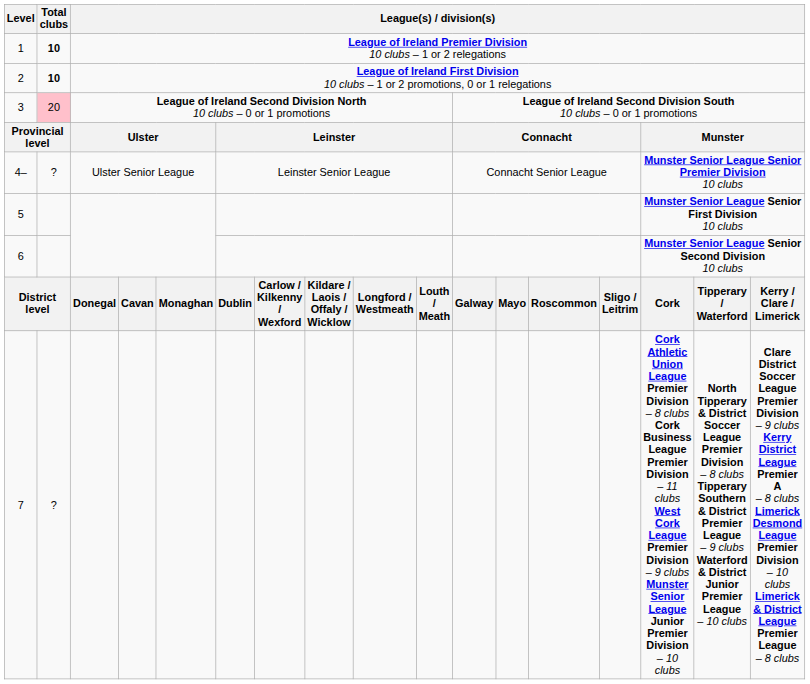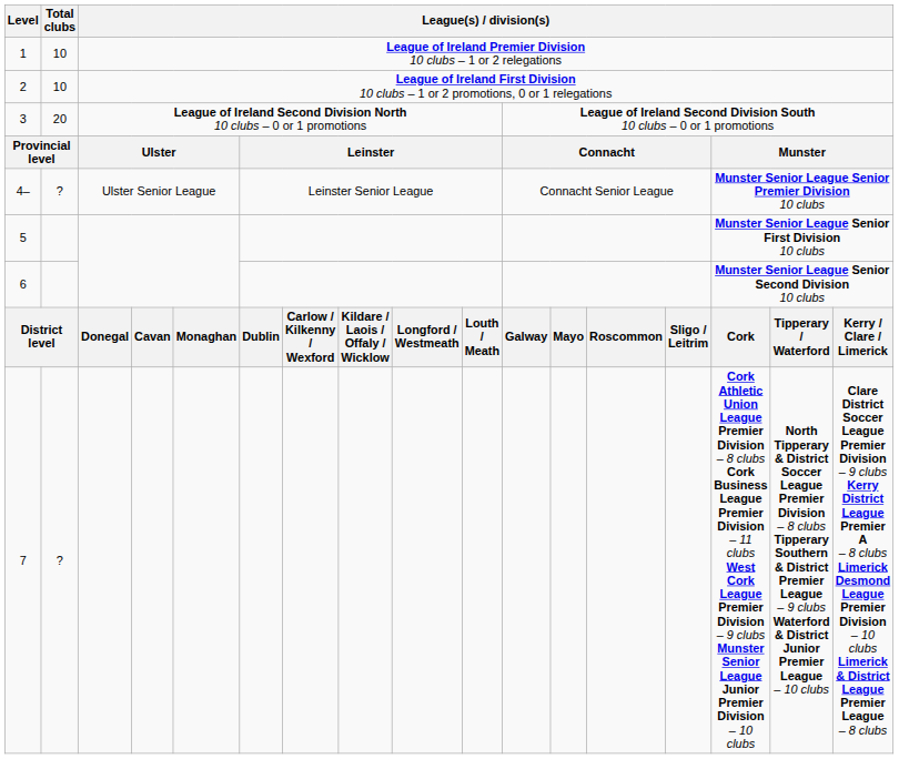 <table class="wikitable" style="text-align: center;">
 <tr>
 <th>Level</th>
 <th>Total clubs</th>
 <th colspan="15">League(s) / division(s)</th>
 </tr>
 <tr>
 <td>1</td>
-<td><strong>10</strong></td>
+<td>10</td>
 <td colspan="15"><strong><a href='#'>League of Ireland Premier Division</a></strong><br> <em>10 clubs</em> – 1 or 2 relegations</td>
 </tr>
 <tr>
 <td>2</td>
-<td><strong>10</strong></td>
+<td>10</td>
 <td colspan="15"><strong><a href='#'>League of Ireland First Division</a></strong><br> <em>10 clubs</em> – 1 or 2 promotions, 0 or 1 relegations</td>
 </tr>
 <tr>
 <td>3</td>
-<td style="background: pink;">20</td>
+<td>20</td>
 <td colspan="8"><strong>League of Ireland Second Division North</strong><br> <em>10 clubs</em> – 0 or 1 promotions</td>
 <td colspan="7"><strong>League of Ireland Second Division South</strong><br> <em>10 clubs</em> – 0 or 1 promotions</td>
 </tr>
 <tr>
 <th colspan="2">Provincial level</th>
 <th colspan="3">Ulster</th>
 <th colspan="5">Leinster</th>
 <th colspan="4">Connacht</th>
 <th colspan="3">Munster</th>
 </tr>
 <tr>
 <td>4–</td>
 <td>?</td>
 <td colspan="3">Ulster Senior League</td>
 <td colspan="5">Leinster Senior League</td>
 <td colspan="4">Connacht Senior League</td>
 <td colspan="3"><strong><a href='#'>Munster Senior League Senior Premier Division</a></strong><br><em>10 clubs</em></td>
 </tr>
 <tr>
 <td>5</td>
 <td></td>
 <td colspan="3" rowspan="2"></td>
 <td colspan="5"></td>
 <td colspan="4"></td>
 <td colspan="3"><strong><a href='#'>Munster Senior League</a> Senior First Division</strong><br><em>10 clubs</em></td>
 </tr>
 <tr>
 <td>6</td>
 <td></td>
 <td colspan="5"></td>
 <td colspan="4"></td>
 <td colspan="3"><strong><a href='#'>Munster Senior League</a> Senior Second Division</strong><br><em>10 clubs</em></td>
 </tr>
 <tr>
 <th colspan="2">District level</th>
 <th>Donegal</th>
 <th>Cavan</th>
 <th>Monaghan</th>
 <th>Dublin</th>
 <th>Carlow / Kilkenny / Wexford</th>
 <th>Kildare / Laois / Offaly / Wicklow</th>
 <th>Longford / Westmeath</th>
 <th>Louth / Meath</th>
 <th>Galway</th>
 <th>Mayo</th>
 <th>Roscommon</th>
 <th>Sligo / Leitrim</th>
 <th>Cork</th>
 <th>Tipperary / Waterford</th>
 <th>Kerry / Clare / Limerick</th>
 </tr>
 <tr>
 <td>7</td>
 <td>?</td>
 <td></td>
 <td></td>
 <td></td>
 <td></td>
 <td></td>
 <td></td>
 <td></td>
 <td></td>
 <td></td>
 <td></td>
 <td></td>
 <td></td>
 <td><strong><a href='#'>Cork Athletic Union League</a> Premier Division</strong><br><em>– 8 clubs</em><br><strong>Cork Business League Premier Division</strong><br><em>– 11 clubs</em><br><strong><a href='#'>West Cork League</a> Premier Division</strong><br><em>– 9 clubs</em><br><strong><a href='#'>Munster Senior League</a> Junior Premier Division</strong><br><em>– 10 clubs</em></td>
 <td><strong>North Tipperary & District Soccer League Premier Division</strong><br><em>– 8 clubs</em><br><strong>Tipperary Southern & District Premier League</strong><br><em>– 9 clubs</em><br><strong>Waterford & District Junior Premier League</strong><br><em>– 10 clubs</em></td>
 <td><strong>Clare District Soccer League Premier Division</strong><br><em>– 9 clubs</em><br><strong><a href='#'>Kerry District League</a> Premier A</strong><br><em>– 8 clubs</em><br><strong><a href='#'>Limerick Desmond League</a> Premier Division</strong><br><em>– 10 clubs</em><br><strong><a href='#'>Limerick & District League</a> Premier League</strong><br><em>– 8 clubs</em></td>
 </tr>
 </table>
